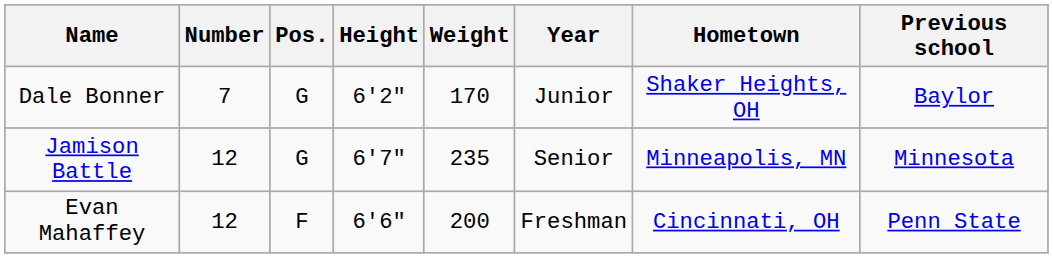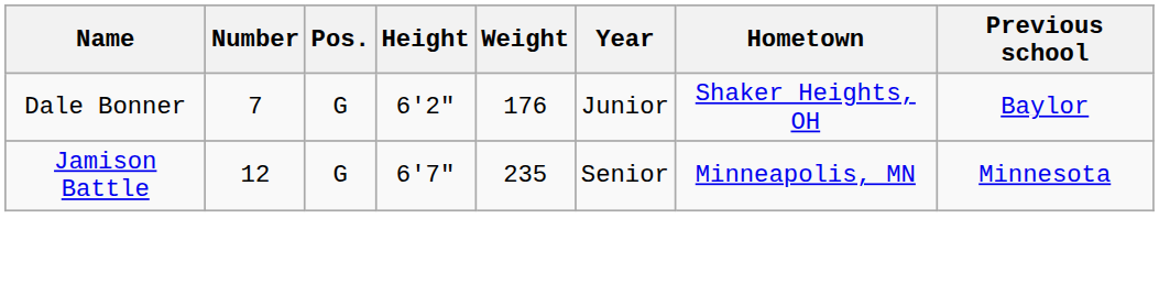 <table class="wikitable sortable sortable" style="text-align:center">
 <tr align=center>
 <th>Name</th>
 <th>Number</th>
 <th>Pos.</th>
 <th>Height</th>
 <th>Weight</th>
 <th>Year</th>
 <th>Hometown</th>
 <th class="unsortable">Previous school</th>
 </tr>
 <tr>
 <td>Dale Bonner</td>
 <td>7</td>
 <td>G</td>
 <td>6'2"</td>
-<td>170</td>
+<td>176</td>
 <td>Junior</td>
 <td><a href='#'>Shaker Heights, OH</a></td>
 <td><a href='#'>Baylor</a></td>
 </tr>
 <tr>
 <td><a href='#'>Jamison Battle</a></td>
 <td>12</td>
 <td>G</td>
 <td>6'7"</td>
 <td>235</td>
 <td>Senior</td>
 <td><a href='#'>Minneapolis, MN</a></td>
 <td><a href='#'>Minnesota</a></td>
 </tr>
-<tr>
-<td>Evan Mahaffey</td>
-<td>12</td>
-<td>F</td>
-<td>6'6"</td>
-<td>200</td>
-<td>Freshman</td>
-<td><a href='#'>Cincinnati, OH</a></td>
-<td><a href='#'>Penn State</a></td>
-</tr>
 </table>
